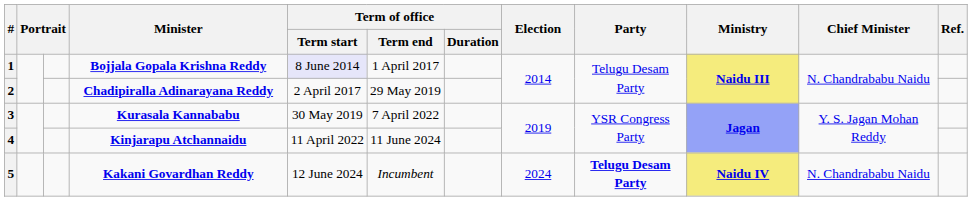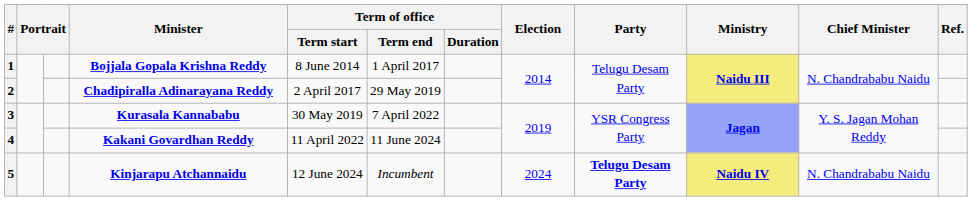 <table class="wikitable" style="line-height:1.4em; text-align:center">
 <tr>
 <th rowspan=2>#</th>
 <th rowspan=2 colspan="2">Portrait</th>
 <th rowspan=2 style="width:16em">Minister<br></th>
 <th colspan="3">Term of office</th>
 <th rowspan=2 style="width:5em">Election<br></th>
 <th rowspan=2 style="width:8em">Party</th>
 <th rowspan=2 style="width:8em">Ministry</th>
 <th rowspan=2 style="width:10em">Chief Minister</th>
 <th rowspan=2>Ref.</th>
 </tr>
 <tr>
 <th>Term start</th>
 <th>Term end</th>
 <th>Duration</th>
 </tr>
 <tr>
 <th>1</th>
 <td rowspan=2></td>
 <td></td>
 <td><strong><a href='#'>Bojjala Gopala Krishna Reddy</a></strong><br></td>
-<td style="background: lavender;">8 June 2014</td>
+<td>8 June 2014</td>
 <td>1 April 2017</td>
 <td><strong></strong></td>
 <td rowspan=2><a href='#'>2014</a><br></td>
 <td rowspan=2><a href='#'>Telugu Desam Party</a></td>
 <td rowspan=2 bgcolor="#F5EC7D"><strong><a href='#'>Naidu III</a></strong></td>
 <td rowspan=2><a href='#'>N. Chandrababu Naidu</a></td>
 <td></td>
 </tr>
 <tr>
 <th>2</th>
 <td></td>
 <td><strong><a href='#'>Chadipiralla Adinarayana Reddy</a></strong><br></td>
 <td>2 April 2017</td>
 <td>29 May 2019</td>
 <td><strong></strong></td>
 <td></td>
 </tr>
 <tr>
 <th>3</th>
 <td rowspan=2></td>
 <td></td>
 <td><strong><a href='#'>Kurasala Kannababu</a></strong><br></td>
 <td>30 May 2019</td>
 <td>7 April 2022</td>
 <td><strong></strong></td>
 <td rowspan=2><a href='#'>2019</a><br></td>
 <td rowspan="2"><a href='#'>YSR Congress Party</a></td>
 <td rowspan=2 bgcolor="#94A2F7"><strong><a href='#'>Jagan</a></strong></td>
 <td rowspan="2"><a href='#'>Y. S. Jagan Mohan Reddy</a></td>
 <td></td>
 </tr>
 <tr>
 <th>4</th>
 <td></td>
-<td><strong><a href='#'>Kinjarapu Atchannaidu</a></strong><br></td>
+<td><strong><a href='#'>Kakani Govardhan Reddy</a></strong><br></td>
 <td>11 April 2022</td>
 <td>11 June 2024</td>
 <td><strong></strong></td>
 <td></td>
 </tr>
 <tr>
 <th>5</th>
 <td></td>
 <td></td>
-<td><strong><a href='#'>Kakani Govardhan Reddy</a></strong><br></td>
+<td><strong><a href='#'>Kinjarapu Atchannaidu</a></strong><br></td>
 <td>12 June 2024</td>
 <td><em>Incumbent</em></td>
 <td><strong></strong></td>
 <td><a href='#'>2024</a><br></td>
 <td><strong><a href='#'>Telugu Desam Party</a></strong></td>
 <td bgcolor="#F5EC7D"><strong><a href='#'>Naidu IV</a></strong></td>
 <td><a href='#'>N. Chandrababu Naidu</a></td>
 <td></td>
 </tr>
 </table>
